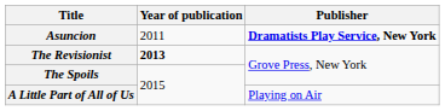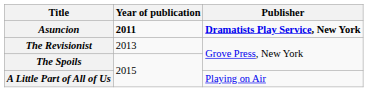 <table class="wikitable plainrowheaders sortable" style="margin-right: 0;">
 <tr>
 <th scope="col">Title</th>
 <th scope="col">Year of publication</th>
 <th scope="col">Publisher</th>
 </tr>
 <tr>
 <th scope="row"><em>Asuncion</em></th>
-<td>2011</td>
+<td><strong>2011</strong></td>
 <td><strong><a href='#'>Dramatists Play Service</a>, New York</strong></td>
 </tr>
 <tr>
 <th scope="row"><em>The Revisionist</em></th>
-<td><strong>2013</strong></td>
+<td>2013</td>
 <td rowspan="2"><a href='#'>Grove Press</a>, New York</td>
 </tr>
 <tr>
 <th scope="row"><em>The Spoils</em></th>
 <td rowspan="2">2015</td>
 </tr>
 <tr>
 <th scope="row"><em>A Little Part of All of Us</em></th>
 <td><a href='#'>Playing on Air</a></td>
 </tr>
 </table>
